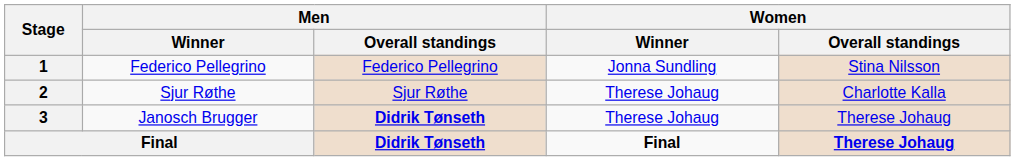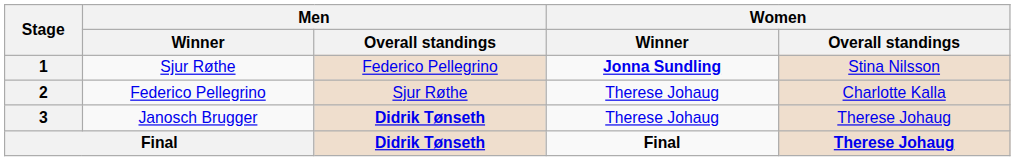 <table class="wikitable" style="text-align: center; font-size:smaller;">
 <tr>
 <th scope="col" style="width:5%;" rowspan="2">Stage</th>
 <th scope="col" style="width:45%;" colspan="2">Men</th>
 <th scope="col" style="width:45%;" colspan="2">Women</th>
 </tr>
 <tr>
 <th scope="col" style="width:15%;">Winner</th>
 <th scope="col" style="width:15%;">Overall standings</th>
 <th scope="col" style="width:15%;">Winner</th>
 <th scope="col" style="width:15%;">Overall standings</th>
 </tr>
 <tr>
 <th scope="row">1</th>
-<td><a href='#'>Federico Pellegrino</a></td>
+<td><a href='#'>Sjur Røthe</a></td>
 <td style="background:#EFDECD"><a href='#'>Federico Pellegrino</a></td>
-<td><a href='#'>Jonna Sundling</a></td>
+<td><strong><a href='#'>Jonna Sundling</a></strong></td>
 <td style="background:#EFDECD"><a href='#'>Stina Nilsson</a></td>
 </tr>
 <tr>
 <th scope="row">2</th>
-<td><a href='#'>Sjur Røthe</a></td>
+<td><a href='#'>Federico Pellegrino</a></td>
 <td style="background:#EFDECD"><a href='#'>Sjur Røthe</a></td>
 <td><a href='#'>Therese Johaug</a></td>
 <td style="background:#EFDECD"><a href='#'>Charlotte Kalla</a></td>
 </tr>
 <tr>
 <th scope="row">3</th>
 <td><a href='#'>Janosch Brugger</a></td>
 <td style="background:#EFDECD"><strong><a href='#'>Didrik Tønseth</a></strong></td>
 <td><a href='#'>Therese Johaug</a></td>
 <td style="background:#EFDECD"><a href='#'>Therese Johaug</a></td>
 </tr>
 <tr>
 <th colspan="2">Final</th>
 <td style="background:#EFDECD"><strong><a href='#'>Didrik Tønseth</a></strong></td>
 <td><strong>Final</strong></td>
 <td style="background:#EFDECD"><strong><a href='#'>Therese Johaug</a></strong></td>
 </tr>
 </table>
